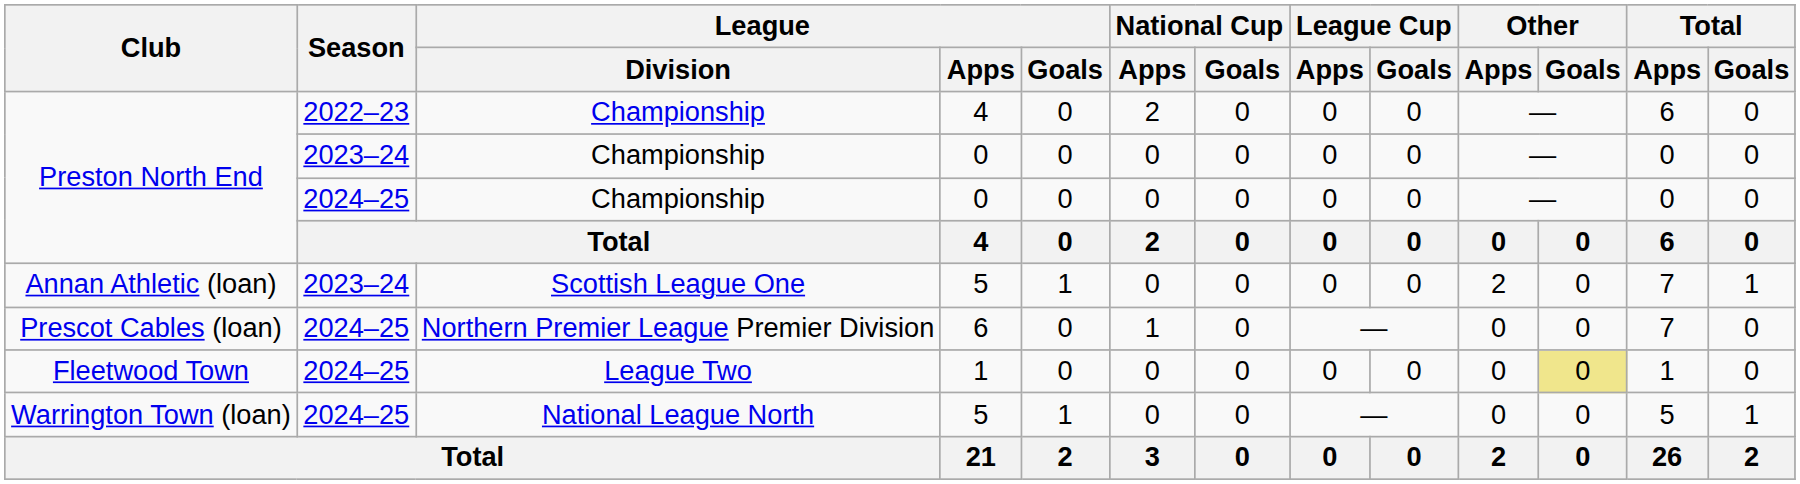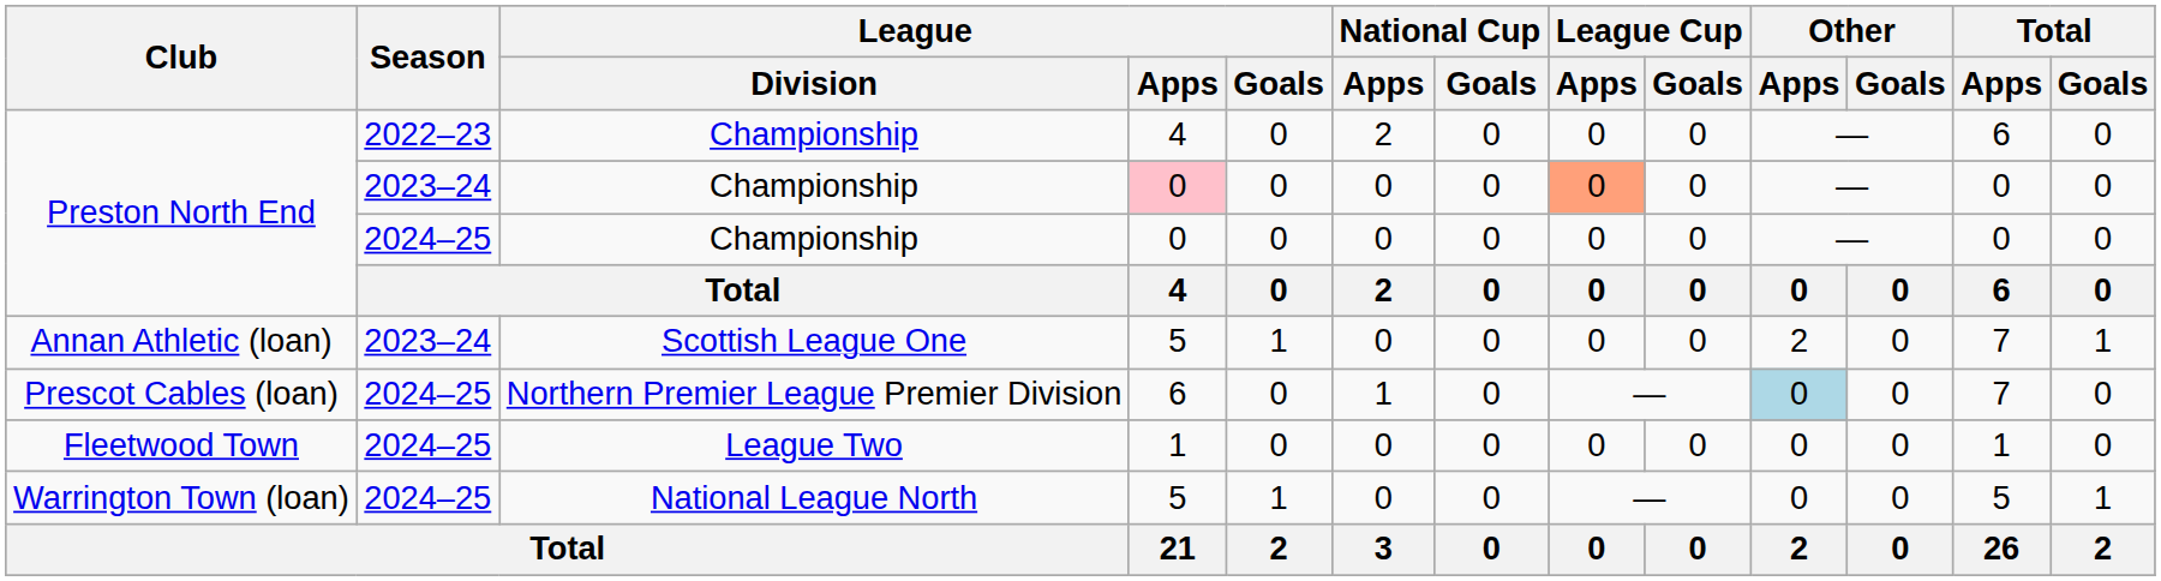 <table class="wikitable" style="text-align: center">
 <tr>
 <th rowspan="2">Club</th>
 <th rowspan="2">Season</th>
 <th colspan="3">League</th>
 <th colspan="2">National Cup</th>
 <th colspan="2">League Cup</th>
 <th colspan="2">Other</th>
 <th colspan="2">Total</th>
 </tr>
 <tr>
 <th>Division</th>
 <th>Apps</th>
 <th>Goals</th>
 <th>Apps</th>
 <th>Goals</th>
 <th>Apps</th>
 <th>Goals</th>
 <th>Apps</th>
 <th>Goals</th>
 <th>Apps</th>
 <th>Goals</th>
 </tr>
 <tr>
 <td rowspan="4"><a href='#'>Preston North End</a></td>
 <td><a href='#'>2022–23</a></td>
 <td><a href='#'>Championship</a></td>
 <td>4</td>
 <td>0</td>
 <td>2</td>
 <td>0</td>
 <td>0</td>
 <td>0</td>
 <td colspan="2">—</td>
 <td>6</td>
 <td>0</td>
 </tr>
 <tr>
 <td><a href='#'>2023–24</a></td>
 <td>Championship</td>
+<td style="background: pink;">0</td>
 <td>0</td>
 <td>0</td>
 <td>0</td>
-<td>0</td>
-<td>0</td>
+<td style="background: lightsalmon;">0</td>
 <td>0</td>
 <td colspan="2">—</td>
 <td>0</td>
 <td>0</td>
 </tr>
 <tr>
 <td><a href='#'>2024–25</a></td>
 <td>Championship</td>
 <td>0</td>
 <td>0</td>
 <td>0</td>
 <td>0</td>
 <td>0</td>
 <td>0</td>
 <td colspan="2">—</td>
 <td>0</td>
 <td>0</td>
 </tr>
 <tr>
 <th colspan="2">Total</th>
 <th>4</th>
 <th>0</th>
 <th>2</th>
 <th>0</th>
 <th>0</th>
 <th>0</th>
 <th>0</th>
 <th>0</th>
 <th>6</th>
 <th>0</th>
 </tr>
 <tr>
 <td><a href='#'>Annan Athletic</a> (loan)</td>
 <td><a href='#'>2023–24</a></td>
 <td><a href='#'>Scottish League One</a></td>
 <td>5</td>
 <td>1</td>
 <td>0</td>
 <td>0</td>
 <td>0</td>
 <td>0</td>
 <td>2</td>
 <td>0</td>
 <td>7</td>
 <td>1</td>
 </tr>
 <tr>
 <td><a href='#'>Prescot Cables</a> (loan)</td>
 <td><a href='#'>2024–25</a></td>
 <td><a href='#'>Northern Premier League</a> Premier Division</td>
 <td>6</td>
 <td>0</td>
 <td>1</td>
 <td>0</td>
 <td colspan="2">—</td>
-<td>0</td>
+<td style="background: lightblue;">0</td>
 <td>0</td>
 <td>7</td>
 <td>0</td>
 </tr>
 <tr>
 <td><a href='#'>Fleetwood Town</a></td>
 <td><a href='#'>2024–25</a></td>
 <td><a href='#'>League Two</a></td>
 <td>1</td>
 <td>0</td>
 <td>0</td>
 <td>0</td>
 <td>0</td>
 <td>0</td>
 <td>0</td>
-<td style="background: khaki;">0</td>
+<td>0</td>
 <td>1</td>
 <td>0</td>
 </tr>
 <tr>
 <td><a href='#'>Warrington Town</a> (loan)</td>
 <td><a href='#'>2024–25</a></td>
 <td><a href='#'>National League North</a></td>
 <td>5</td>
 <td>1</td>
 <td>0</td>
 <td>0</td>
 <td colspan="2">—</td>
 <td>0</td>
 <td>0</td>
 <td>5</td>
 <td>1</td>
 </tr>
 <tr>
 <th colspan="3">Total</th>
 <th>21</th>
 <th>2</th>
 <th>3</th>
 <th>0</th>
 <th>0</th>
 <th>0</th>
 <th>2</th>
 <th>0</th>
 <th>26</th>
 <th>2</th>
 </tr>
 </table>
